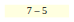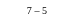 <table style="text-align:center">
 <tr>
 <th width=200></th>
 <th width=100></th>
 <th width=200></th>
 </tr>
 <tr>
 <td align=right><strong></strong></td>
-<td style="background: lightyellow;">7 – 5</td>
+<td>7 – 5</td>
 <td align=left></td>
 </tr>
 </table>
